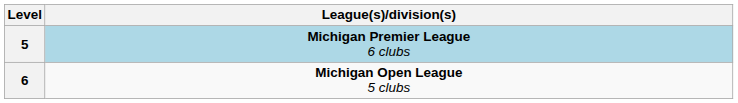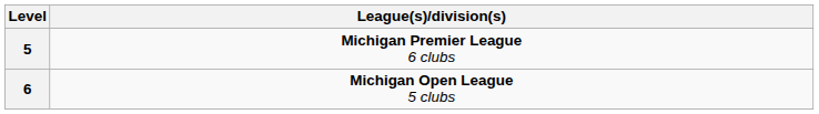 <table class="wikitable" style="border: none; text-align: center;">
 <tr>
 <th width=2%>Level</th>
 <th colspan="2">League(s)/division(s)</th>
 </tr>
 <tr>
 <th>5</th>
-<td style="background: lightblue;"><strong>Michigan Premier League</strong><br><em>6 clubs</em></td>
+<td><strong>Michigan Premier League</strong><br><em>6 clubs</em></td>
 </tr>
 <tr>
 <th>6</th>
 <td><strong>Michigan Open League</strong><br><em>5 clubs</em></td>
 </tr>
 </table>
